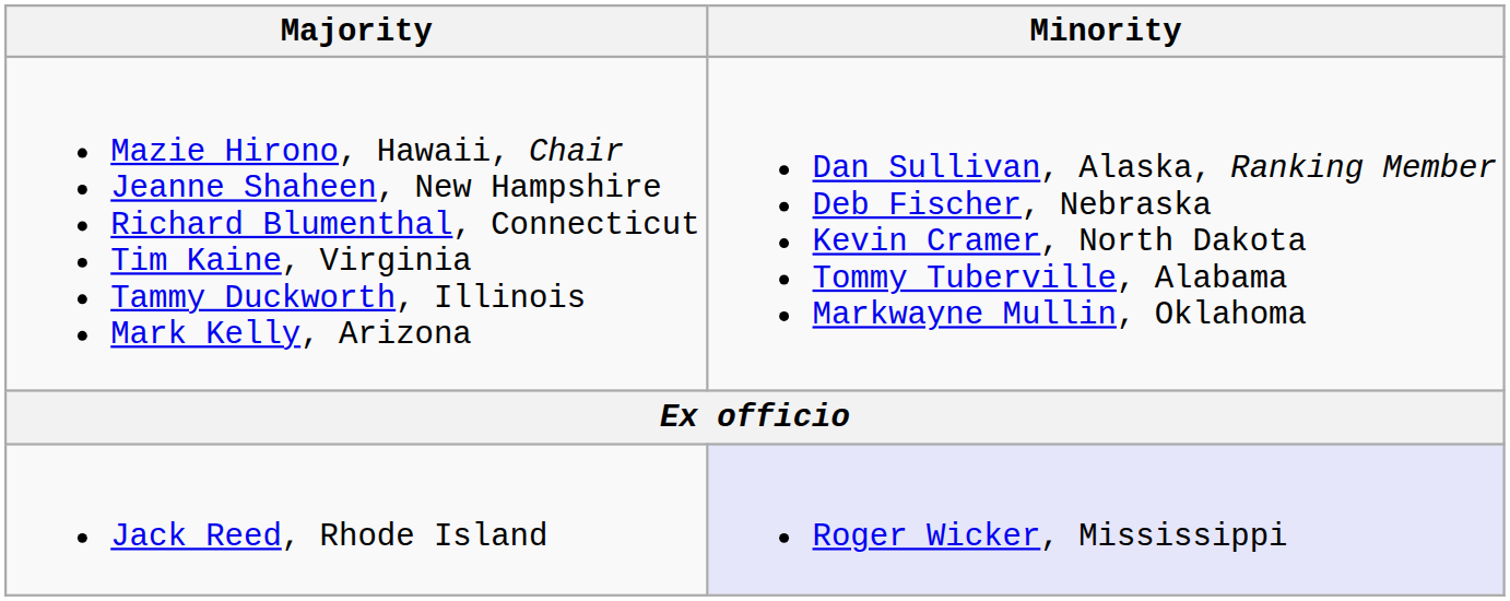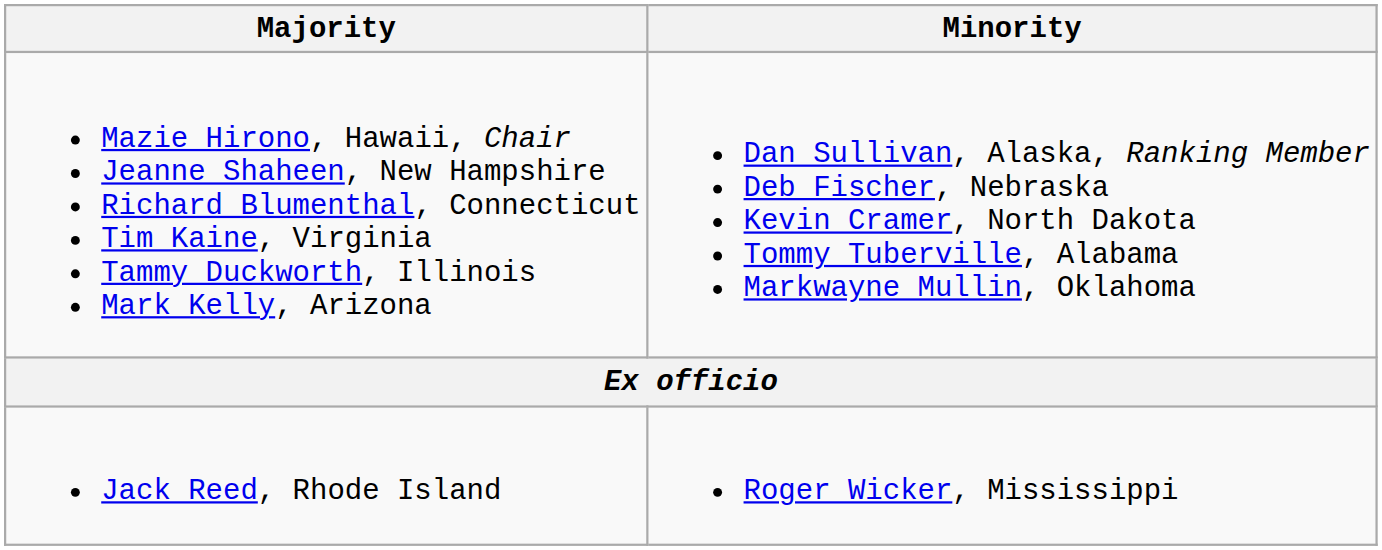 <table class=wikitable>
 <tr>
 <th>Majority</th>
 <th>Minority</th>
 </tr>
 <tr>
 <td><br><ul><li><a href='#'>Mazie Hirono</a>, Hawaii, <em>Chair</em></li><li><a href='#'>Jeanne Shaheen</a>, New Hampshire</li><li><a href='#'>Richard Blumenthal</a>, Connecticut</li><li><a href='#'>Tim Kaine</a>, Virginia</li><li><a href='#'>Tammy Duckworth</a>, Illinois</li><li><a href='#'>Mark Kelly</a>, Arizona</li></ul></td>
 <td><br><ul><li><a href='#'>Dan Sullivan</a>, Alaska, <em>Ranking Member</em></li><li><a href='#'>Deb Fischer</a>, Nebraska</li><li><a href='#'>Kevin Cramer</a>, North Dakota</li><li><a href='#'>Tommy Tuberville</a>, Alabama</li><li><a href='#'>Markwayne Mullin</a>, Oklahoma</li></ul></td>
 </tr>
 <tr>
 <th colspan=2><em>Ex officio</em></th>
 </tr>
 <tr>
 <td><br><ul><li><a href='#'>Jack Reed</a>, Rhode Island</li></ul></td>
-<td style="background: lavender;"><br><ul><li><a href='#'>Roger Wicker</a>, Mississippi</li></ul></td>
+<td><br><ul><li><a href='#'>Roger Wicker</a>, Mississippi</li></ul></td>
 </tr>
 </table>
